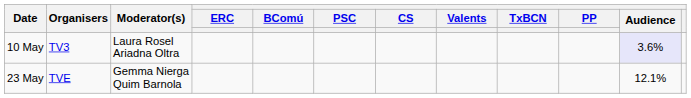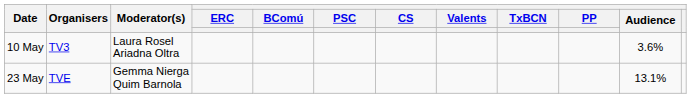 <table class="wikitable" style="text-align:center;">
 <tr>
 <th rowspan="3">Date</th>
 <th rowspan="3">Organisers</th>
 <th rowspan="3">Moderator(s)</th>
 <th colspan="9">      </th>
 </tr>
 <tr>
 <th scope="col" style="width:5em;"><a href='#'>ERC</a></th>
 <th scope="col" style="width:5em;"><a href='#'>BComú</a></th>
 <th scope="col" style="width:5em;"><a href='#'>PSC</a></th>
 <th scope="col" style="width:5em;"><a href='#'>CS</a></th>
 <th scope="col" style="width:5em;"><a href='#'>Valents</a></th>
 <th scope="col" style="width:5em;"><a href='#'>TxBCN</a></th>
 <th scope="col" style="width:5em;"><a href='#'>PP</a></th>
 <th rowspan="2" scope="col" style="width:5em;">Audience</th>
 <th rowspan="2"></th>
 </tr>
 <tr>
 <th style="color:inherit;background:"></th>
 <th style="color:inherit;background:"></th>
 <th style="color:inherit;background:"></th>
 <th style="color:inherit;background:"></th>
 <th style="color:inherit;background:"></th>
 <th style="color:inherit;background:"></th>
 <th style="color:inherit;background:"></th>
 </tr>
 <tr>
 <td style="white-space:nowrap; text-align:left;">10 May</td>
 <td style="white-space:nowrap; text-align:left;"><a href='#'>TV3</a></td>
 <td style="white-space:nowrap; text-align:left;">Laura Rosel<br>Ariadna Oltra</td>
 <td></td>
 <td></td>
 <td></td>
 <td></td>
 <td></td>
 <td></td>
 <td></td>
-<td style="background: lavender;">3.6%<br></td>
+<td>3.6%<br></td>
 <td><br></td>
 </tr>
 <tr>
 <td style="white-space:nowrap; text-align:left;">23 May</td>
 <td style="white-space:nowrap; text-align:left;"><a href='#'>TVE</a></td>
 <td style="white-space:nowrap; text-align:left;">Gemma Nierga<br>Quim Barnola</td>
 <td></td>
 <td></td>
 <td></td>
 <td></td>
 <td></td>
 <td></td>
 <td></td>
-<td>12.1%<br></td>
+<td>13.1%<br></td>
 <td><br></td>
 </tr>
 </table>
